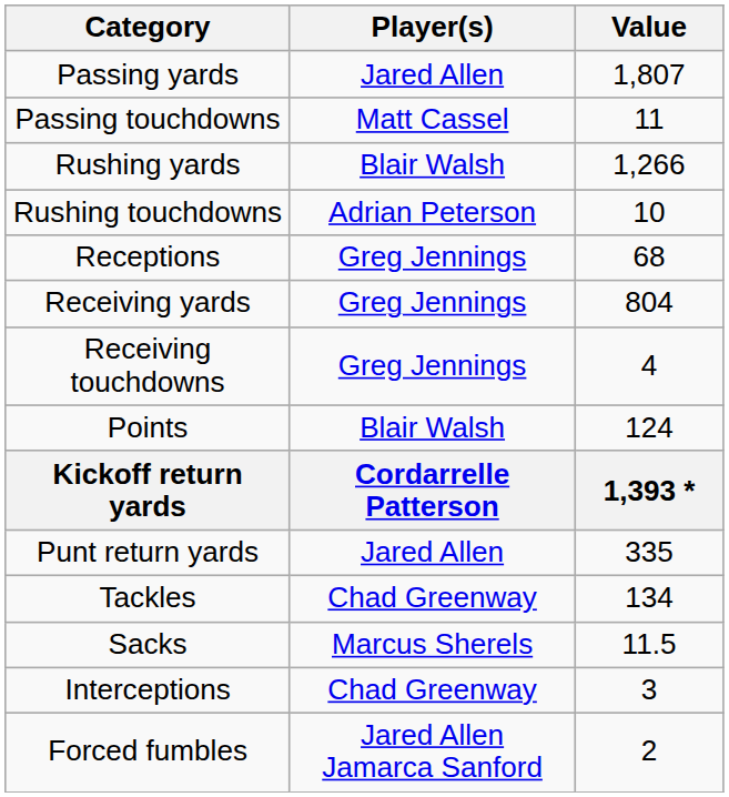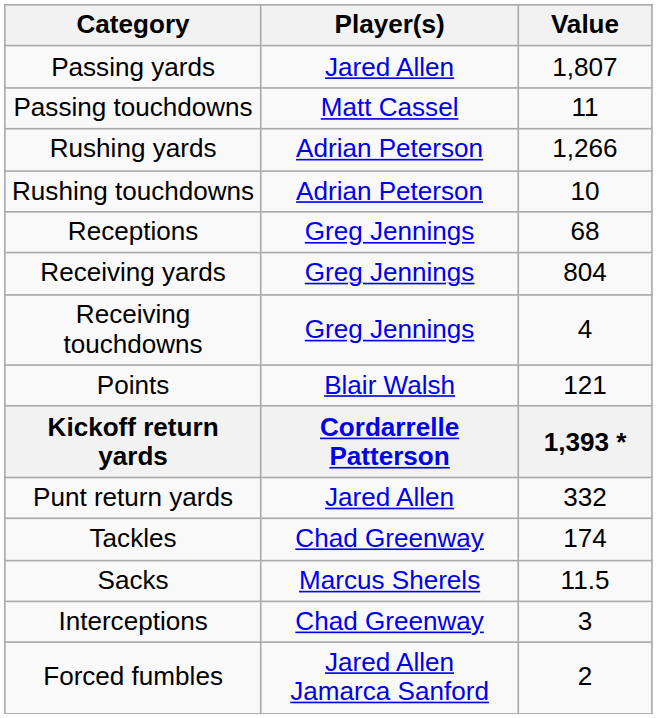 <table class="wikitable" style="text-align:center">
 <tr>
 <th width=150px>Category</th>
 <th width=150px>Player(s)</th>
 <th width=75px>Value</th>
 </tr>
 <tr>
 <td>Passing yards</td>
 <td><a href='#'>Jared Allen</a></td>
 <td>1,807</td>
 </tr>
 <tr>
 <td>Passing touchdowns</td>
 <td><a href='#'>Matt Cassel</a></td>
 <td>11</td>
 </tr>
 <tr>
 <td>Rushing yards</td>
-<td><a href='#'>Blair Walsh</a></td>
+<td><a href='#'>Adrian Peterson</a></td>
 <td>1,266</td>
 </tr>
 <tr>
 <td>Rushing touchdowns</td>
 <td><a href='#'>Adrian Peterson</a></td>
 <td>10</td>
 </tr>
 <tr>
 <td>Receptions</td>
 <td><a href='#'>Greg Jennings</a></td>
 <td>68</td>
 </tr>
 <tr>
 <td>Receiving yards</td>
 <td><a href='#'>Greg Jennings</a></td>
 <td>804</td>
 </tr>
 <tr>
 <td>Receiving touchdowns</td>
 <td><a href='#'>Greg Jennings</a></td>
 <td>4</td>
 </tr>
 <tr>
 <td>Points</td>
 <td><a href='#'>Blair Walsh</a></td>
-<td>124</td>
+<td>121</td>
 </tr>
 <tr>
 <th>Kickoff return yards</th>
 <th><a href='#'>Cordarrelle Patterson</a></th>
 <th>1,393 *</th>
 </tr>
 <tr>
 <td>Punt return yards</td>
 <td><a href='#'>Jared Allen</a></td>
-<td>335</td>
+<td>332</td>
 </tr>
 <tr>
 <td>Tackles</td>
 <td><a href='#'>Chad Greenway</a></td>
-<td>134</td>
+<td>174</td>
 </tr>
 <tr>
 <td>Sacks</td>
 <td><a href='#'>Marcus Sherels</a></td>
 <td>11.5</td>
 </tr>
 <tr>
 <td>Interceptions</td>
 <td><a href='#'>Chad Greenway</a></td>
 <td>3</td>
 </tr>
 <tr>
 <td>Forced fumbles</td>
 <td><a href='#'>Jared Allen</a><br><a href='#'>Jamarca Sanford</a></td>
 <td>2</td>
 </tr>
 </table>
